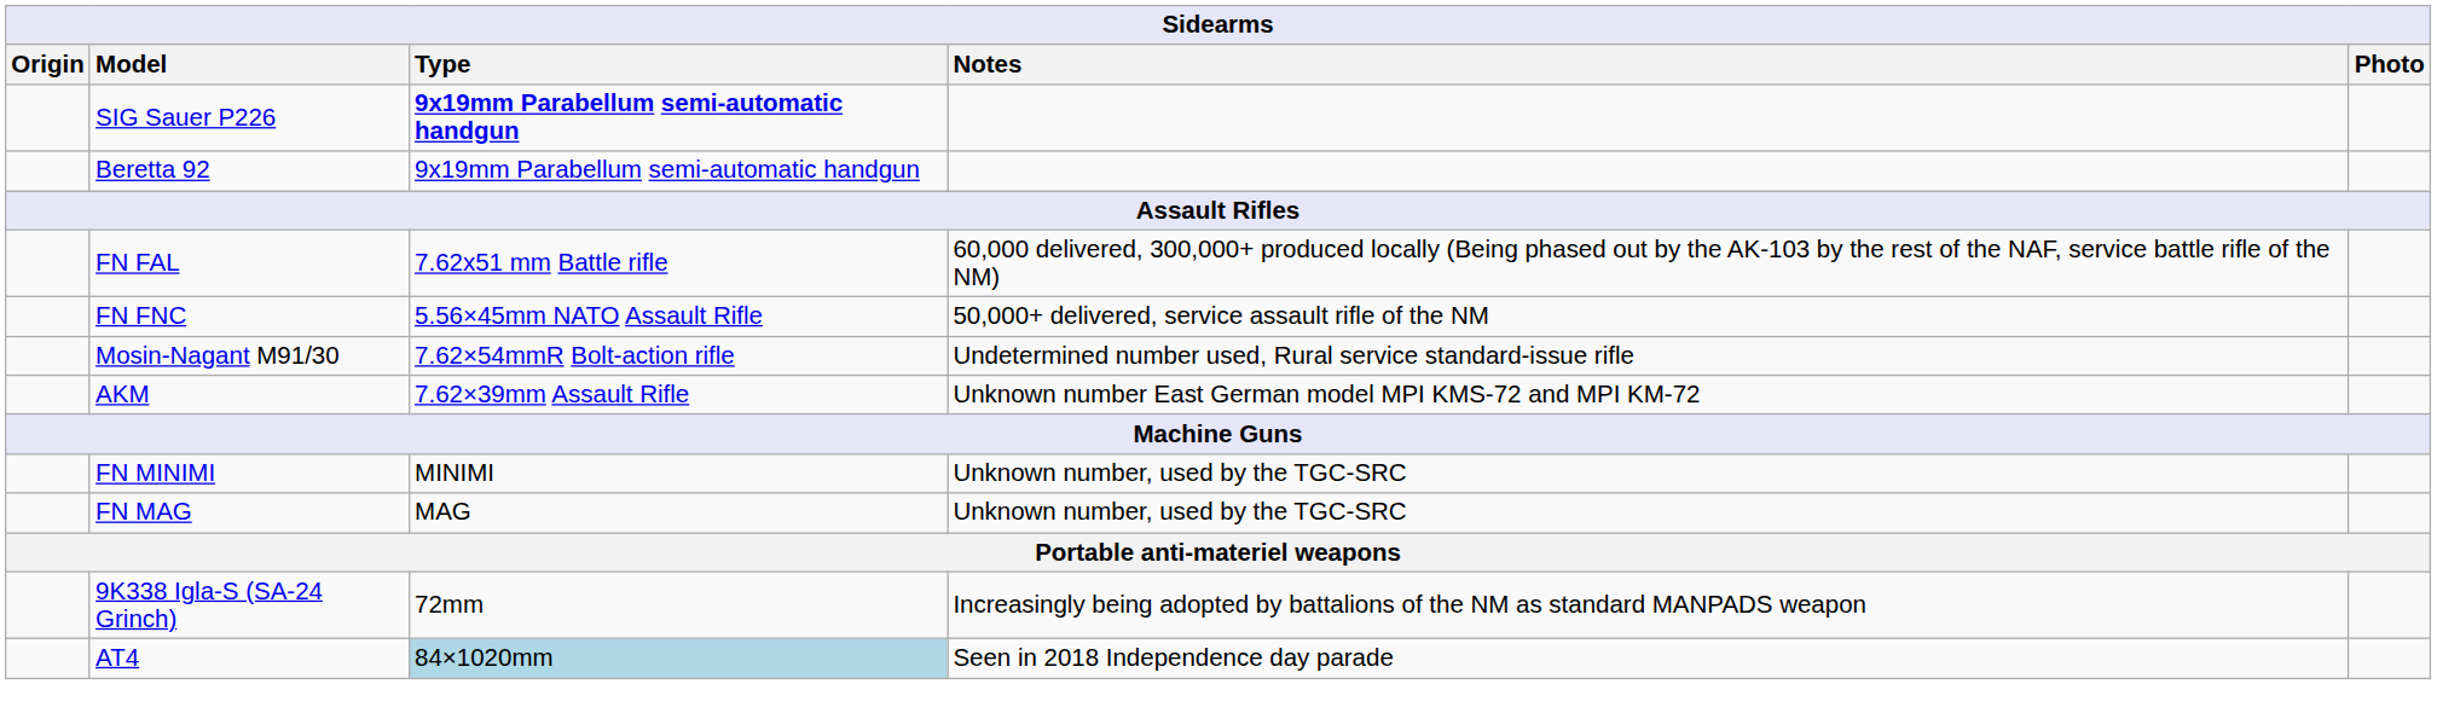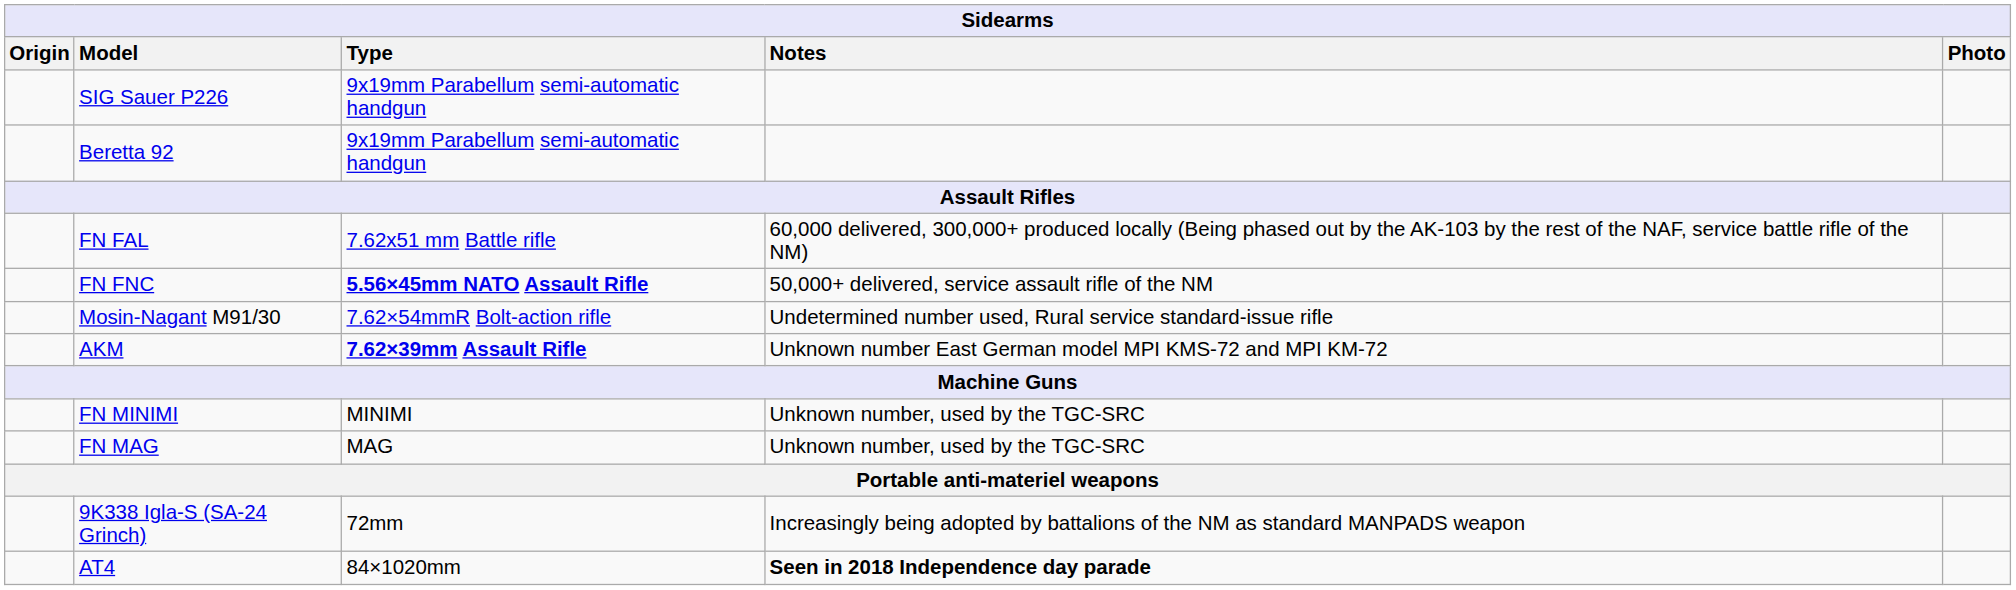 <table class="wikitable">
 <tr>
 <th style="align: center; background: lavender;" colspan="8"><strong>Sidearms</strong></th>
 </tr>
 <tr>
 <th style="text-align: left;">Origin</th>
 <th style="text-align: left;">Model</th>
 <th style="text-align: left;">Type</th>
 <th style="text-align: left;">Notes</th>
 <th style="text-align: left;">Photo</th>
 </tr>
 <tr>
 <td></td>
 <td><a href='#'>SIG Sauer P226</a></td>
-<td><strong><a href='#'>9x19mm Parabellum</a> <a href='#'>semi-automatic handgun</a></strong></td>
+<td><a href='#'>9x19mm Parabellum</a> <a href='#'>semi-automatic handgun</a></td>
 <td></td>
 <td></td>
 </tr>
 <tr>
 <td></td>
 <td><a href='#'>Beretta 92</a></td>
 <td><a href='#'>9x19mm Parabellum</a> <a href='#'>semi-automatic handgun</a></td>
 <td></td>
 <td></td>
 </tr>
 <tr>
 <th style="align: center; background: lavender;" colspan="8"><strong>Assault Rifles</strong></th>
 </tr>
 <tr>
 <td><br></td>
 <td><a href='#'>FN FAL</a></td>
 <td><a href='#'>7.62x51 mm</a> <a href='#'>Battle rifle</a></td>
 <td>60,000 delivered, 300,000+ produced locally (Being phased out by the AK-103 by the rest of the NAF, service battle rifle of the NM)</td>
 <td></td>
 </tr>
 <tr>
 <td></td>
 <td><a href='#'>FN FNC</a></td>
-<td><a href='#'>5.56×45mm NATO</a> <a href='#'>Assault Rifle</a></td>
+<td><strong><a href='#'>5.56×45mm NATO</a> <a href='#'>Assault Rifle</a></strong></td>
 <td>50,000+ delivered, service assault rifle of the NM</td>
 <td></td>
 </tr>
 <tr>
 <td></td>
 <td><a href='#'>Mosin-Nagant</a> M91/30</td>
 <td><a href='#'>7.62×54mmR</a> <a href='#'>Bolt-action rifle</a></td>
 <td>Undetermined number used, Rural service standard-issue rifle</td>
 <td></td>
 </tr>
 <tr>
 <td></td>
 <td><a href='#'>AKM</a></td>
-<td><a href='#'>7.62×39mm</a> <a href='#'>Assault Rifle</a></td>
+<td><strong><a href='#'>7.62×39mm</a> <a href='#'>Assault Rifle</a></strong></td>
 <td>Unknown number East German model MPI KMS-72 and MPI KM-72</td>
 <td></td>
 </tr>
 <tr>
 <th style="align: center; background: lavender;" colspan="8"><strong>Machine Guns</strong></th>
 </tr>
 <tr>
 <td></td>
 <td><a href='#'>FN MINIMI</a></td>
 <td>MINIMI</td>
 <td>Unknown number, used by the TGC-SRC</td>
 <td></td>
 </tr>
 <tr>
 <td></td>
 <td><a href='#'>FN MAG</a></td>
 <td>MAG</td>
 <td>Unknown number, used by the TGC-SRC</td>
 <td></td>
 </tr>
 <tr>
 <th colspan="8">Portable anti-materiel weapons</th>
 </tr>
 <tr>
 <td></td>
 <td><a href='#'>9K338 Igla-S (SA-24 Grinch)</a></td>
 <td>72mm</td>
 <td>Increasingly being adopted by battalions of the NM as standard MANPADS weapon</td>
 <td></td>
 </tr>
 <tr>
 <td></td>
 <td><a href='#'>AT4</a></td>
-<td style="background: lightblue;">84×1020mm</td>
-<td>Seen in 2018 Independence day parade</td>
+<td>84×1020mm</td>
+<td><strong>Seen in 2018 Independence day parade</strong></td>
 <td></td>
 </tr>
 </table>
